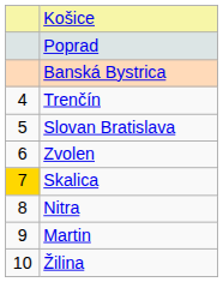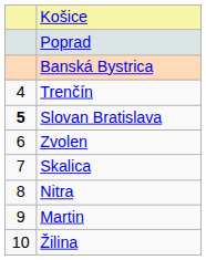 <table class="wikitable" style="width:200px;">
 <tr style="background:#F7F6A8;">
 <td align=center></td>
 <td><a href='#'>Košice</a></td>
 </tr>
 <tr style="background:#DCE5E5;">
 <td align=center></td>
 <td><a href='#'>Poprad</a></td>
 </tr>
 <tr style="background:#FFDAB9;">
 <td align=center></td>
 <td><a href='#'>Banská Bystrica</a></td>
 </tr>
 <tr>
 <td align=center>4</td>
 <td><a href='#'>Trenčín</a></td>
 </tr>
 <tr>
-<td align=center>5</td>
+<td align=center><strong>5</strong></td>
 <td><a href='#'>Slovan Bratislava</a></td>
 </tr>
 <tr>
 <td align=center>6</td>
 <td><a href='#'>Zvolen</a></td>
 </tr>
 <tr>
-<td align=center style="background: gold;">7</td>
+<td align=center>7</td>
 <td><a href='#'>Skalica</a></td>
 </tr>
 <tr>
 <td align=center>8</td>
 <td><a href='#'>Nitra</a></td>
 </tr>
 <tr>
 <td align=center>9</td>
 <td><a href='#'>Martin</a></td>
 </tr>
 <tr>
 <td align=center>10</td>
 <td><a href='#'>Žilina</a></td>
 </tr>
 </table>
